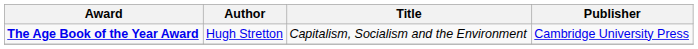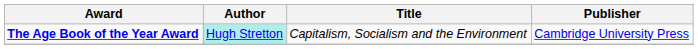 <table class="wikitable" width=100%>
 <tr>
 <th>Award</th>
 <th>Author</th>
 <th>Title</th>
 <th>Publisher</th>
 </tr>
 <tr>
 <td><strong><a href='#'>The Age Book of the Year Award</a></strong></td>
-<td><a href='#'>Hugh Stretton</a></td>
+<td style="background: paleturquoise;"><a href='#'>Hugh Stretton</a></td>
 <td><em>Capitalism, Socialism and the Environment</em></td>
 <td><a href='#'>Cambridge University Press</a></td>
 </tr>
 <tr>
 </tr>
 </table>
